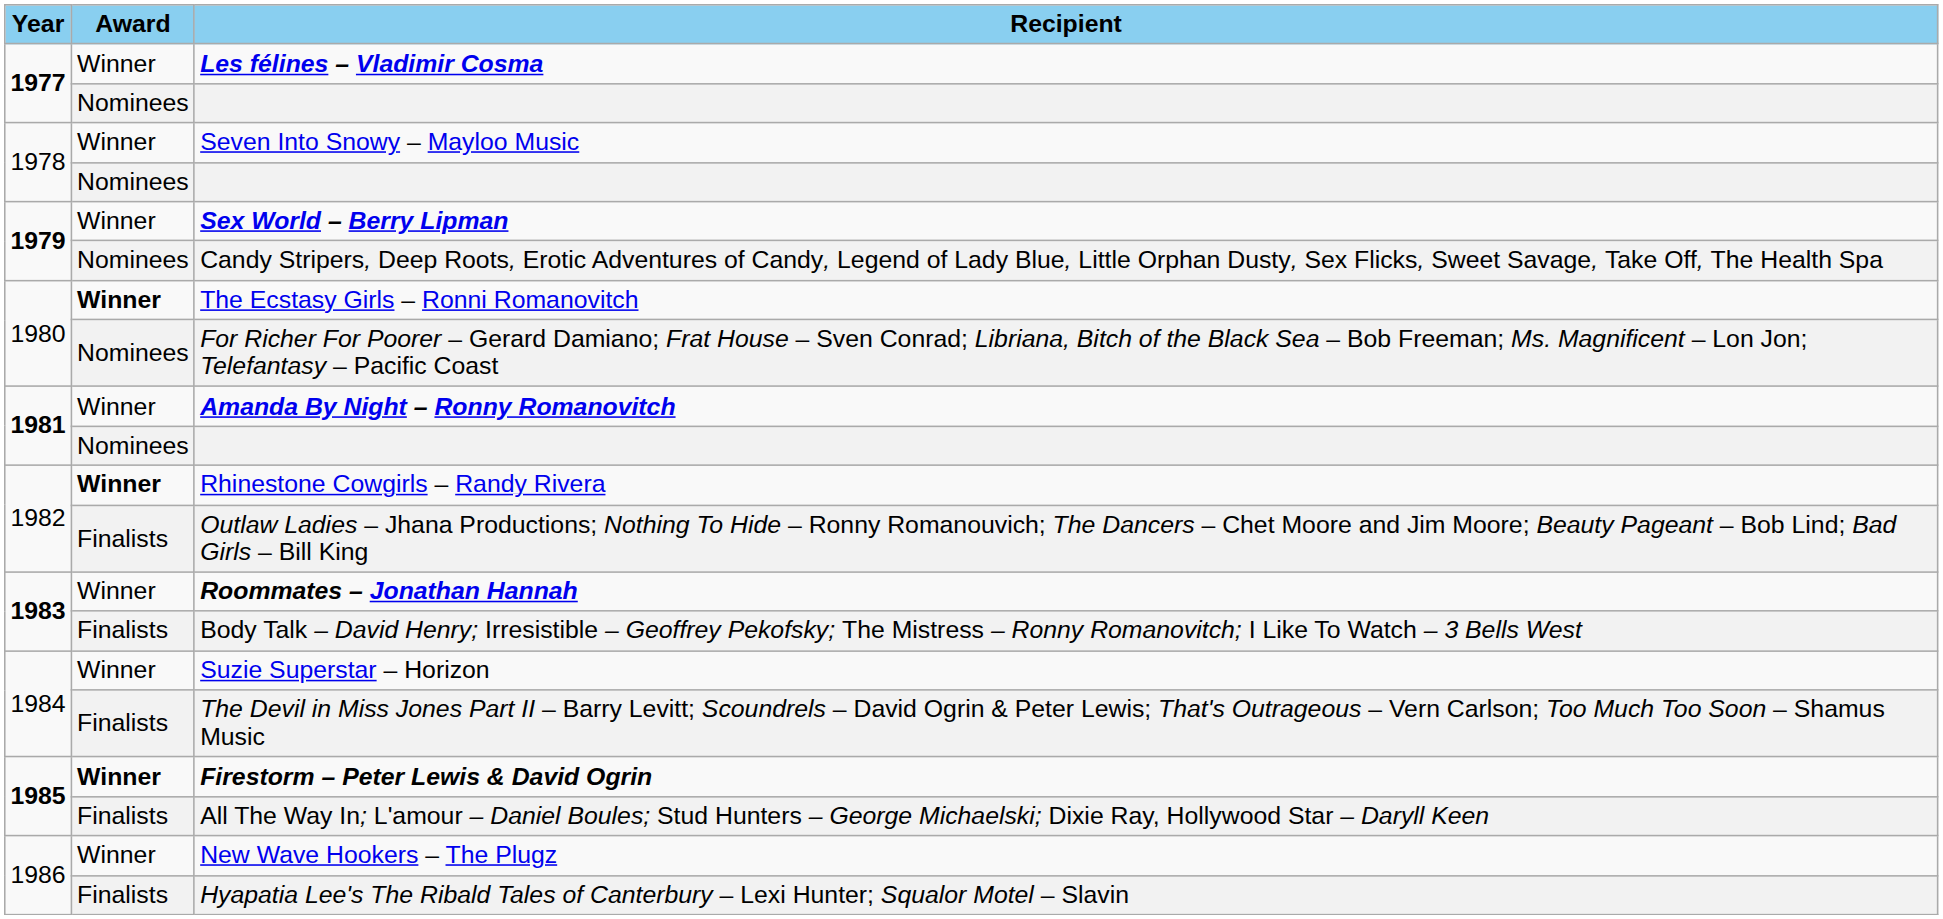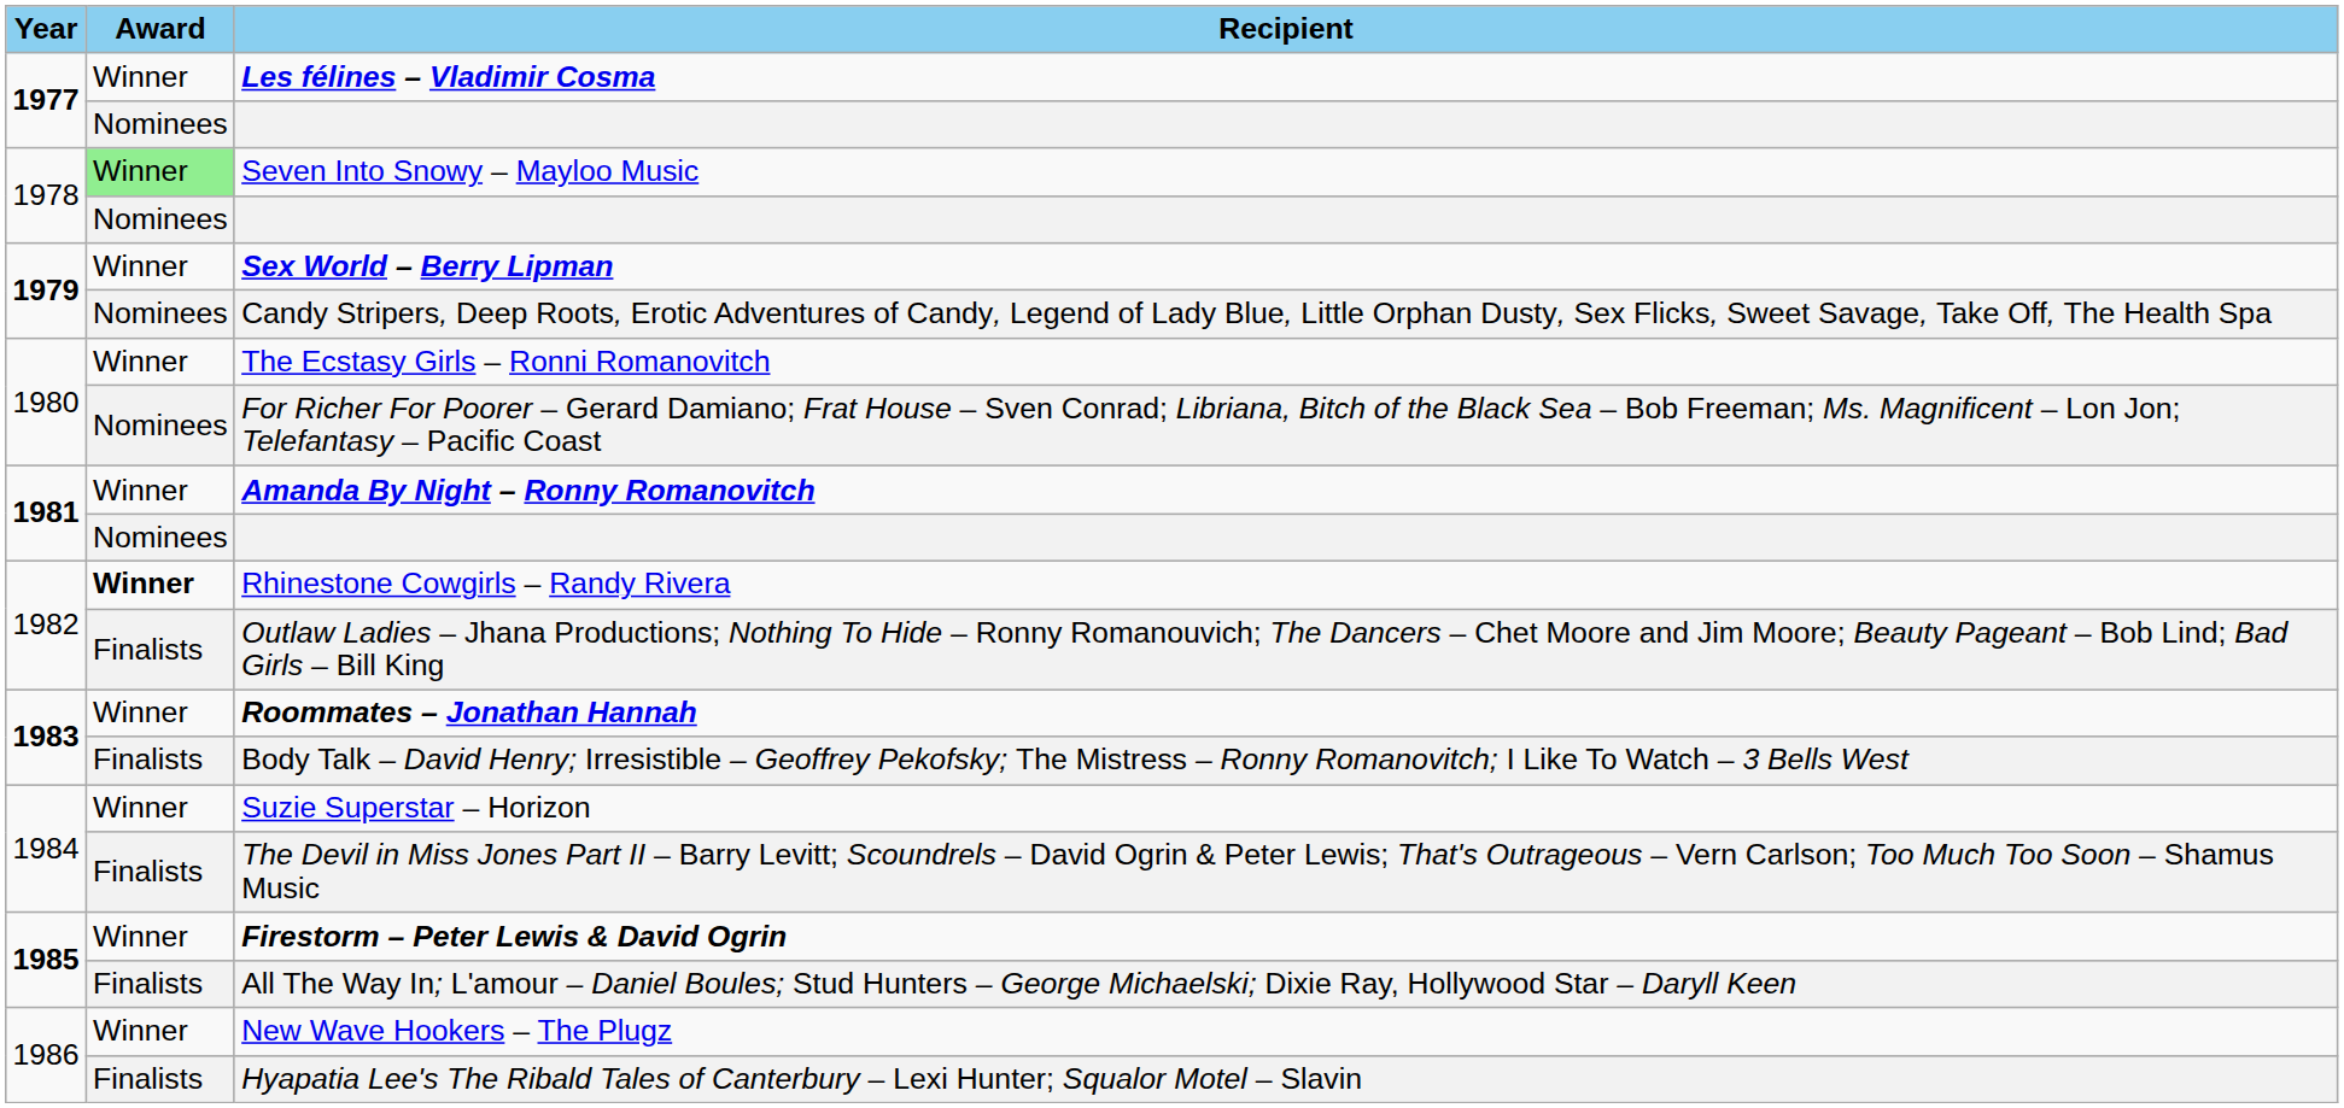 <table class="wikitable">
 <tr>
 <th style="background:#89CFF0">Year</th>
 <th style="background:#89CFF0">Award</th>
 <th style="background:#89CFF0">Recipient</th>
 </tr>
 <tr>
 <td rowspan=2><strong>1977</strong></td>
 <td>Winner</td>
 <td><strong><em><a href='#'>Les félines</a><em> – <a href='#'>Vladimir Cosma</a><strong></td>
 </tr>
 <tr>
 <td style="background:#F2F2F2">Nominees</td>
 <td style="background:#F2F2F2"></td>
 </tr>
 <tr>
 <td rowspan=2></strong>1978<strong></td>
-<td>Winner</td>
+<td style="background: lightgreen;">Winner</td>
 <td></em></strong><a href='#'>Seven Into Snowy</a></em> – <a href='#'>Mayloo Music</a></strong> </td>
 </tr>
 <tr>
 <td style="background:#F2F2F2">Nominees</td>
 <td style="background:#F2F2F2"></td>
 </tr>
 <tr>
 <td rowspan=2><strong>1979</strong></td>
 <td>Winner</td>
 <td><strong><em><a href='#'>Sex World</a><em> – <a href='#'>Berry Lipman</a><strong></td>
 </tr>
 <tr>
 <td style="background:#F2F2F2">Nominees</td>
 <td style="background:#F2F2F2"></em>Candy Stripers<em>, </em>Deep Roots<em>, </em>Erotic Adventures of Candy<em>, </em>Legend of Lady Blue<em>, </em>Little Orphan Dusty<em>, </em>Sex Flicks<em>, </em>Sweet Savage<em>, </em>Take Off<em>, </em>The Health Spa<em></td>
 </tr>
 <tr>
 <td rowspan=2></strong>1980<strong></td>
-<td><strong>Winner</strong></td>
+<td>Winner</td>
 <td></em></strong><a href='#'>The Ecstasy Girls</a></em> – <a href='#'>Ronni Romanovitch</a></strong></td>
 </tr>
 <tr>
 <td style="background:#F2F2F2">Nominees</td>
 <td style="background:#F2F2F2"><em>For Richer For Poorer</em> – Gerard Damiano; <em>Frat House</em> – Sven Conrad; <em>Libriana, Bitch of the Black Sea</em> – Bob Freeman; <em>Ms. Magnificent</em> – Lon Jon; <em>Telefantasy</em> – Pacific Coast</td>
 </tr>
 <tr>
 <td rowspan=2><strong>1981</strong></td>
 <td>Winner</td>
 <td><strong><em><a href='#'>Amanda By Night</a><em> – <a href='#'>Ronny Romanovitch</a><strong></td>
 </tr>
 <tr>
 <td style="background:#F2F2F2">Nominees</td>
 <td style="background:#F2F2F2"></td>
 </tr>
 <tr>
 <td rowspan=2></strong>1982<strong></td>
 <td><strong>Winner</strong></td>
 <td></em></strong><a href='#'>Rhinestone Cowgirls</a></em> – <a href='#'>Randy Rivera</a></strong></td>
 </tr>
 <tr>
 <td style="background:#F2F2F2">Finalists</td>
 <td style="background:#F2F2F2"><em>Outlaw Ladies</em> – Jhana Productions; <em>Nothing To Hide</em> – Ronny Romanouvich; <em>The Dancers</em> – Chet Moore and Jim Moore; <em>Beauty Pageant</em> – Bob Lind; <em>Bad Girls</em> – Bill King</td>
 </tr>
 <tr>
 <td rowspan=2><strong>1983</strong></td>
 <td>Winner</td>
 <td><strong><em>Roommates<em> – <a href='#'>Jonathan Hannah</a><strong></td>
 </tr>
 <tr>
 <td style="background:#F2F2F2">Finalists</td>
 <td style="background:#F2F2F2"></em>Body Talk<em> – David Henry; </em>Irresistible<em> – Geoffrey Pekofsky; </em>The Mistress<em> – Ronny Romanovitch; </em>I Like To Watch<em> – 3 Bells West</td>
 </tr>
 <tr>
 <td rowspan=2></strong>1984<strong></td>
 <td>Winner</td>
 <td></em></strong><a href='#'>Suzie Superstar</a></em> – Horizon</strong></td>
 </tr>
 <tr>
 <td style="background:#F2F2F2">Finalists</td>
 <td style="background:#F2F2F2"><em>The Devil in Miss Jones Part II</em> – Barry Levitt; <em>Scoundrels</em> – David Ogrin & Peter Lewis; <em>That's Outrageous</em> – Vern Carlson; <em>Too Much Too Soon</em> – Shamus Music</td>
 </tr>
 <tr>
 <td rowspan=2><strong>1985</strong></td>
-<td><strong>Winner</strong></td>
+<td>Winner</td>
 <td><strong><em>Firestorm<em> – Peter Lewis<strong> & </strong>David Ogrin<strong></td>
 </tr>
 <tr>
 <td style="background:#F2F2F2">Finalists</td>
 <td style="background:#F2F2F2"></em>All The Way In<em>; </em>L'amour<em> – Daniel Boules; </em>Stud Hunters<em> – George Michaelski; </em>Dixie Ray, Hollywood Star<em> – Daryll Keen</td>
 </tr>
 <tr>
 <td rowspan=2></strong>1986<strong></td>
 <td>Winner</td>
 <td></em></strong><a href='#'>New Wave Hookers</a></em> – <a href='#'>The Plugz</a></strong></td>
 </tr>
 <tr>
 <td style="background:#F2F2F2">Finalists</td>
 <td style="background:#F2F2F2"><em>Hyapatia Lee's The Ribald Tales of Canterbury</em> – Lexi Hunter; <em>Squalor Motel</em> – Slavin</td>
 </tr>
 </table>
